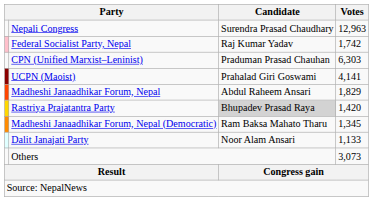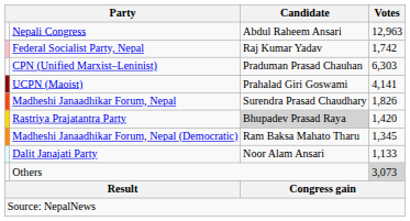 <table class="wikitable">
 <tr>
 <th colspan="2">Party</th>
 <th>Candidate</th>
 <th>Votes</th>
 </tr>
 <tr>
 <td style="background-color:"></td>
 <td><a href='#'>Nepali Congress</a></td>
-<td>Surendra Prasad Chaudhary</td>
+<td>Abdul Raheem Ansari</td>
 <td>12,963</td>
 </tr>
 <tr>
 <td style="background-color:pink"></td>
 <td><a href='#'>Federal Socialist Party, Nepal</a></td>
 <td>Raj Kumar Yadav</td>
 <td>1,742</td>
 </tr>
 <tr>
 <td style="background-color:"></td>
 <td><a href='#'>CPN (Unified Marxist–Leninist)</a></td>
 <td>Praduman Prasad Chauhan</td>
 <td>6,303</td>
 </tr>
 <tr>
 <td style="background-color:darkred"></td>
 <td><a href='#'>UCPN (Maoist)</a></td>
 <td>Prahalad Giri Goswami</td>
 <td>4,141</td>
 </tr>
 <tr>
 <td style="background-color:orangered"></td>
 <td><a href='#'>Madheshi Janaadhikar Forum, Nepal</a></td>
-<td>Abdul Raheem Ansari</td>
-<td>1,829</td>
+<td>Surendra Prasad Chaudhary</td>
+<td>1,826</td>
 </tr>
 <tr>
 <td style="background-color:gold"></td>
 <td><a href='#'>Rastriya Prajatantra Party</a></td>
 <td style="background: lightgrey;">Bhupadev Prasad Raya</td>
 <td>1,420</td>
 </tr>
 <tr>
 <td style="background-color:darkorange"></td>
 <td><a href='#'>Madheshi Janaadhikar Forum, Nepal (Democratic)</a></td>
 <td>Ram Baksa Mahato Tharu</td>
 <td>1,345</td>
 </tr>
 <tr>
 <td bgcolor="E0FFFF"></td>
 <td><a href='#'>Dalit Janajati Party</a></td>
 <td>Noor Alam Ansari</td>
 <td>1,133</td>
 </tr>
 <tr>
 <td></td>
 <td colspan="2">Others</td>
-<td>3,073</td>
+<td style="background: lightgrey;">3,073</td>
 </tr>
 <tr>
 <th colspan="2">Result</th>
 <th colspan="2">Congress gain</th>
 </tr>
 <tr>
 <td colspan="4">Source: NepalNews</td>
 </tr>
 </table>
